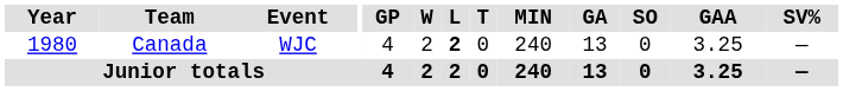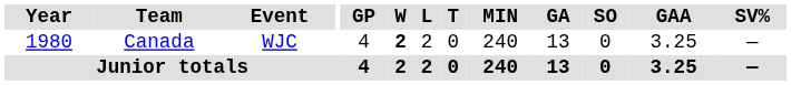 <table border="0" cellpadding="1" cellspacing="0" ID="Table3" style="text-align:center; width:40em">
 <tr ALIGN="center" bgcolor="#e0e0e0">
 <th>Year</th>
 <th>Team</th>
 <th>Event</th>
 <th rowspan="99" bgcolor="#ffffff"></th>
 <th>GP</th>
 <th>W</th>
 <th>L</th>
 <th>T</th>
 <th>MIN</th>
 <th>GA</th>
 <th>SO</th>
 <th>GAA</th>
 <th>SV%</th>
 </tr>
 <tr>
 <td><a href='#'>1980</a></td>
 <td><a href='#'>Canada</a></td>
 <td><a href='#'>WJC</a></td>
 <td>4</td>
+<td><strong>2</strong></td>
 <td>2</td>
-<td><strong>2</strong></td>
 <td>0</td>
 <td>240</td>
 <td>13</td>
 <td>0</td>
 <td>3.25</td>
 <td>—</td>
 </tr>
 <tr bgcolor="#e0e0e0">
 <th colspan=4>Junior totals</th>
 <th>4</th>
 <th>2</th>
 <th>2</th>
 <th>0</th>
 <th>240</th>
 <th>13</th>
 <th>0</th>
 <th>3.25</th>
 <th>—</th>
 </tr>
 </table>
